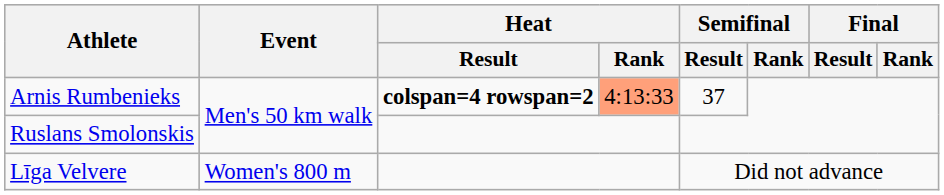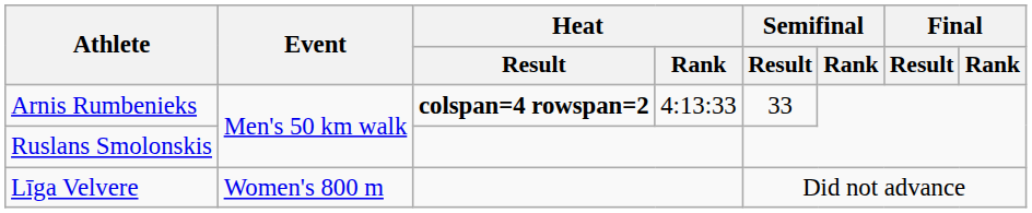 <table class="wikitable" style="font-size:90%">
 <tr>
 <th rowspan="2">Athlete</th>
 <th rowspan="2">Event</th>
 <th colspan="2">Heat</th>
 <th colspan="2">Semifinal</th>
 <th colspan="2">Final</th>
 </tr>
 <tr style="font-size:95%">
 <th>Result</th>
 <th>Rank</th>
 <th>Result</th>
 <th>Rank</th>
 <th>Result</th>
 <th>Rank</th>
 </tr>
 <tr align=center>
 <td align=left><a href='#'>Arnis Rumbenieks</a></td>
 <td align=left rowspan="2"><a href='#'>Men's 50 km walk</a></td>
 <td><strong>colspan=4 rowspan=2 </strong></td>
-<td style="background: lightsalmon;">4:13:33</td>
-<td>37</td>
+<td>4:13:33</td>
+<td>33</td>
 </tr>
 <tr align=center>
 <td align=left><a href='#'>Ruslans Smolonskis</a></td>
 <td colspan=2></td>
 </tr>
 <tr align=center>
 <td align=left><a href='#'>Līga Velvere</a></td>
 <td align=left><a href='#'>Women's 800 m</a></td>
 <td colspan=2></td>
 <td colspan=4>Did not advance</td>
 </tr>
 </table>
